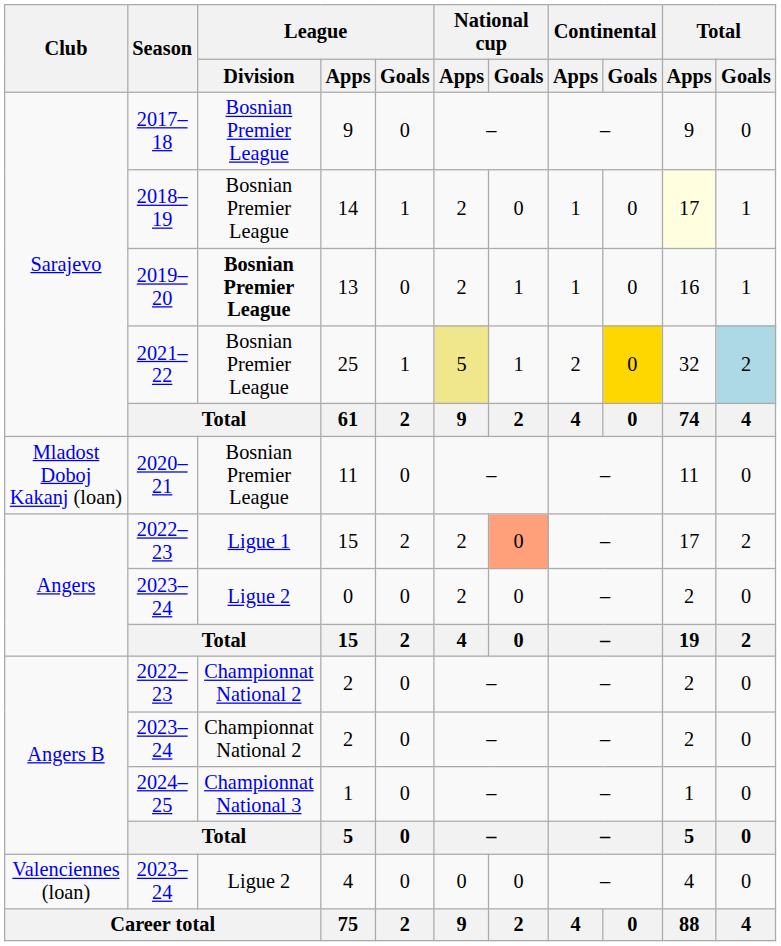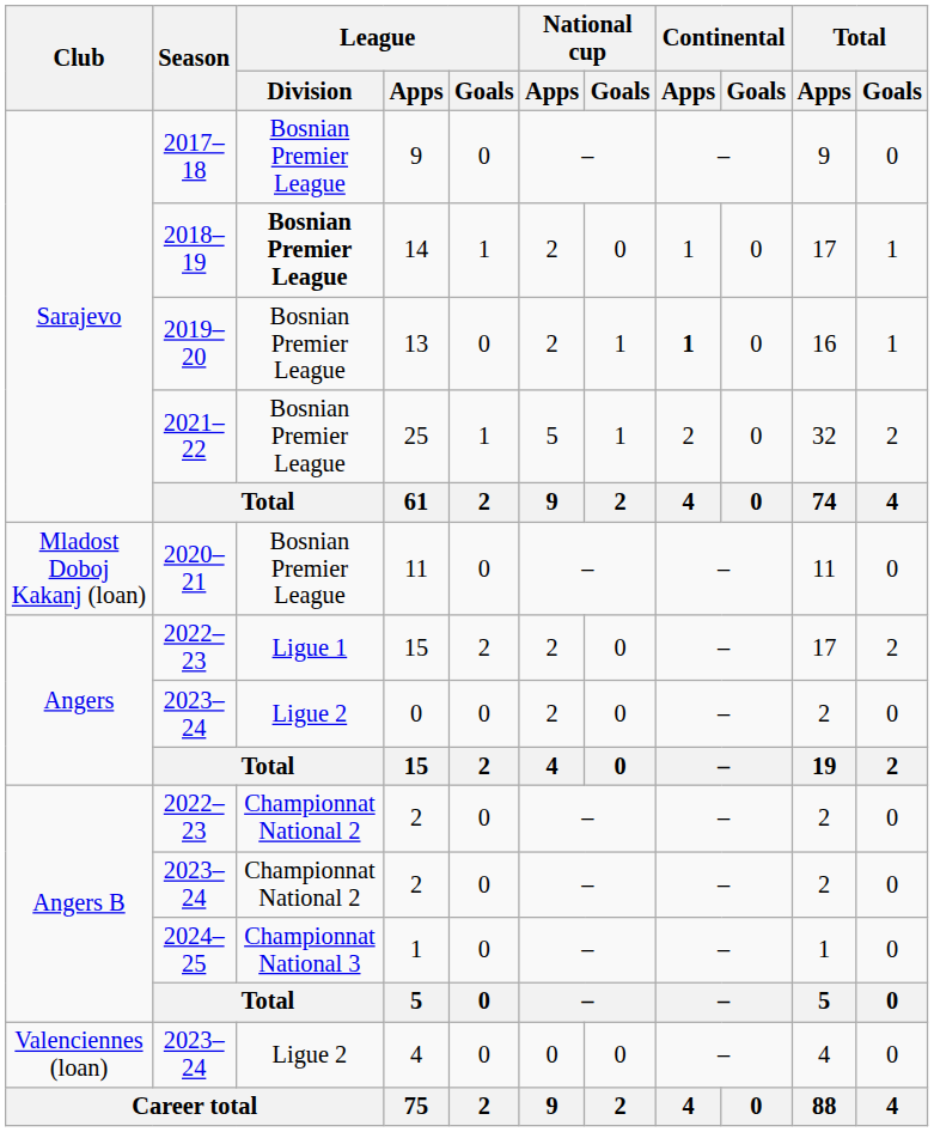 <table class="wikitable" style="text-align:center">
 <tr>
 <th rowspan=2>Club</th>
 <th rowspan=2>Season</th>
 <th colspan=3>League</th>
 <th colspan=2>National cup</th>
 <th colspan=2>Continental</th>
 <th colspan=2>Total</th>
 </tr>
 <tr>
 <th>Division</th>
 <th>Apps</th>
 <th>Goals</th>
 <th>Apps</th>
 <th>Goals</th>
 <th>Apps</th>
 <th>Goals</th>
 <th>Apps</th>
 <th>Goals</th>
 </tr>
 <tr>
 <td rowspan=5><a href='#'>Sarajevo</a></td>
 <td><a href='#'>2017–18</a></td>
 <td><a href='#'>Bosnian Premier League</a></td>
 <td>9</td>
 <td>0</td>
 <td colspan=2>–</td>
 <td colspan=2>–</td>
 <td>9</td>
 <td>0</td>
 </tr>
 <tr>
 <td><a href='#'>2018–19</a></td>
-<td>Bosnian Premier League</td>
+<td><strong>Bosnian Premier League</strong></td>
 <td>14</td>
 <td>1</td>
 <td>2</td>
 <td>0</td>
 <td>1</td>
 <td>0</td>
-<td style="background: lightyellow;">17</td>
+<td>17</td>
 <td>1</td>
 </tr>
 <tr>
 <td><a href='#'>2019–20</a></td>
-<td><strong>Bosnian Premier League</strong></td>
+<td>Bosnian Premier League</td>
 <td>13</td>
 <td>0</td>
 <td>2</td>
 <td>1</td>
-<td>1</td>
+<td><strong>1</strong></td>
 <td>0</td>
 <td>16</td>
 <td>1</td>
 </tr>
 <tr>
 <td><a href='#'>2021–22</a></td>
 <td>Bosnian Premier League</td>
 <td>25</td>
 <td>1</td>
-<td style="background: khaki;">5</td>
+<td>5</td>
 <td>1</td>
 <td>2</td>
-<td style="background: gold;">0</td>
+<td>0</td>
 <td>32</td>
-<td style="background: lightblue;">2</td>
+<td>2</td>
 </tr>
 <tr>
 <th colspan=2>Total</th>
 <th>61</th>
 <th>2</th>
 <th>9</th>
 <th>2</th>
 <th>4</th>
 <th>0</th>
 <th>74</th>
 <th>4</th>
 </tr>
 <tr>
 <td><a href='#'>Mladost Doboj Kakanj</a> (loan)</td>
 <td><a href='#'>2020–21</a></td>
 <td>Bosnian Premier League</td>
 <td>11</td>
 <td>0</td>
 <td colspan=2>–</td>
 <td colspan=2>–</td>
 <td>11</td>
 <td>0</td>
 </tr>
 <tr>
 <td rowspan=3><a href='#'>Angers</a></td>
 <td><a href='#'>2022–23</a></td>
 <td><a href='#'>Ligue 1</a></td>
 <td>15</td>
 <td>2</td>
 <td>2</td>
-<td style="background: lightsalmon;">0</td>
+<td>0</td>
 <td colspan=2>–</td>
 <td>17</td>
 <td>2</td>
 </tr>
 <tr>
 <td><a href='#'>2023–24</a></td>
 <td><a href='#'>Ligue 2</a></td>
 <td>0</td>
 <td>0</td>
 <td>2</td>
 <td>0</td>
 <td colspan=2>–</td>
 <td>2</td>
 <td>0</td>
 </tr>
 <tr>
 <th colspan=2>Total</th>
 <th>15</th>
 <th>2</th>
 <th>4</th>
 <th>0</th>
 <th colspan=2>–</th>
 <th>19</th>
 <th>2</th>
 </tr>
 <tr>
 <td rowspan=4><a href='#'>Angers B</a></td>
 <td><a href='#'>2022–23</a></td>
 <td><a href='#'>Championnat National 2</a></td>
 <td>2</td>
 <td>0</td>
 <td colspan=2>–</td>
 <td colspan=2>–</td>
 <td>2</td>
 <td>0</td>
 </tr>
 <tr>
 <td><a href='#'>2023–24</a></td>
 <td>Championnat National 2</td>
 <td>2</td>
 <td>0</td>
 <td colspan=2>–</td>
 <td colspan=2>–</td>
 <td>2</td>
 <td>0</td>
 </tr>
 <tr>
 <td><a href='#'>2024–25</a></td>
 <td><a href='#'>Championnat National 3</a></td>
 <td>1</td>
 <td>0</td>
 <td colspan=2>–</td>
 <td colspan=2>–</td>
 <td>1</td>
 <td>0</td>
 </tr>
 <tr>
 <th colspan=2>Total</th>
 <th>5</th>
 <th>0</th>
 <th colspan=2>–</th>
 <th colspan=2>–</th>
 <th>5</th>
 <th>0</th>
 </tr>
 <tr>
 <td><a href='#'>Valenciennes</a> (loan)</td>
 <td><a href='#'>2023–24</a></td>
 <td>Ligue 2</td>
 <td>4</td>
 <td>0</td>
 <td>0</td>
 <td>0</td>
 <td colspan=2>–</td>
 <td>4</td>
 <td>0</td>
 </tr>
 <tr>
 <th colspan=3>Career total</th>
 <th>75</th>
 <th>2</th>
 <th>9</th>
 <th>2</th>
 <th>4</th>
 <th>0</th>
 <th>88</th>
 <th>4</th>
 </tr>
 </table>
